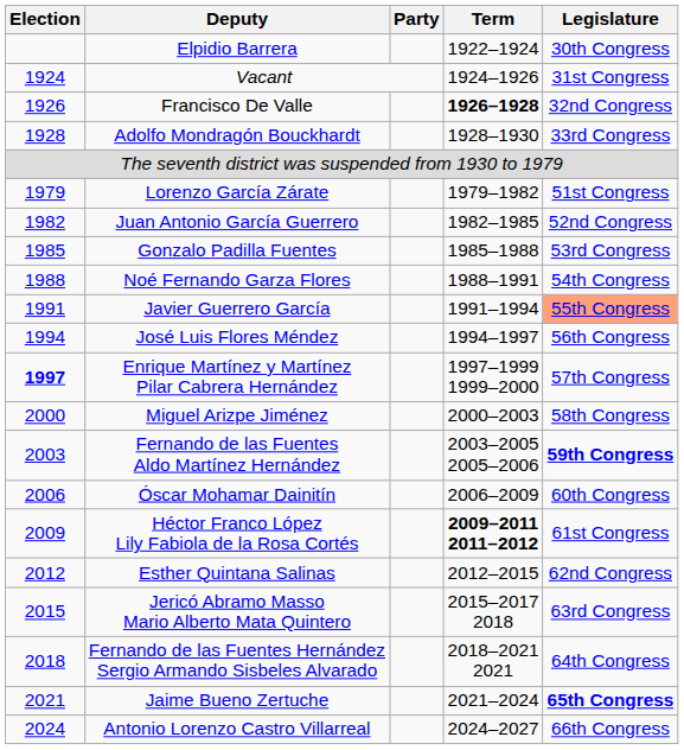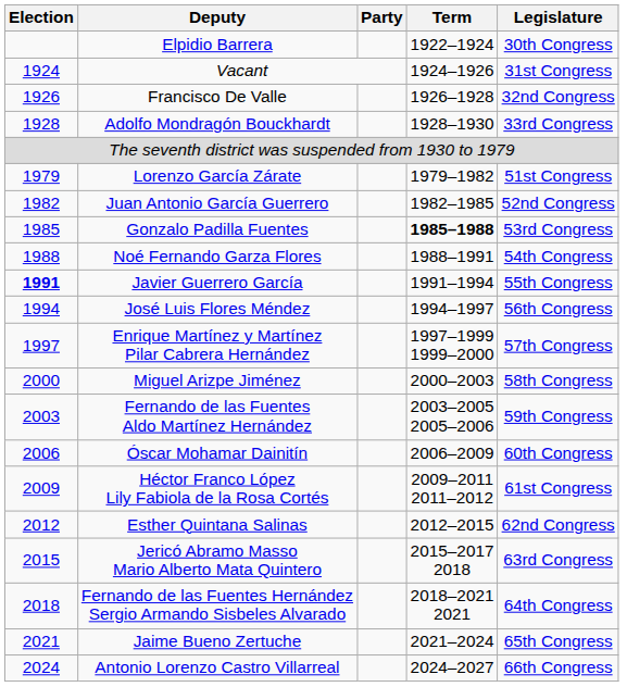 <table class="wikitable sortable" style="text-align: center">
 <tr>
 <th>Election</th>
 <th class="unsortable">Deputy</th>
 <th class="unsortable">Party</th>
 <th class="unsortable">Term</th>
 <th class="unsortable">Legislature</th>
 </tr>
 <tr>
 <td></td>
 <td><a href='#'>Elpidio Barrera</a></td>
 <td></td>
 <td>1922–1924</td>
 <td><a href='#'>30th Congress</a></td>
 </tr>
 <tr>
 <td><a href='#'>1924</a></td>
 <td colspan=2><em>Vacant</em></td>
 <td>1924–1926</td>
 <td><a href='#'>31st Congress</a></td>
 </tr>
 <tr>
 <td><a href='#'>1926</a></td>
 <td>Francisco De Valle</td>
 <td></td>
-<td><strong>1926–1928</strong></td>
+<td>1926–1928</td>
 <td><a href='#'>32nd Congress</a></td>
 </tr>
 <tr>
 <td><a href='#'>1928</a></td>
 <td><a href='#'>Adolfo Mondragón Bouckhardt</a></td>
 <td></td>
 <td>1928–1930</td>
 <td><a href='#'>33rd Congress</a></td>
 </tr>
 <tr align=center style="background:Gainsboro;">
 <td colspan=5><em>The seventh district was suspended from 1930 to 1979</em></td>
 </tr>
 <tr>
 <td><a href='#'>1979</a></td>
 <td><a href='#'>Lorenzo García Zárate</a></td>
 <td></td>
 <td>1979–1982</td>
 <td><a href='#'>51st Congress</a></td>
 </tr>
 <tr>
 <td><a href='#'>1982</a></td>
 <td><a href='#'>Juan Antonio García Guerrero</a></td>
 <td></td>
 <td>1982–1985</td>
 <td><a href='#'>52nd Congress</a></td>
 </tr>
 <tr>
 <td><a href='#'>1985</a></td>
 <td><a href='#'>Gonzalo Padilla Fuentes</a></td>
 <td></td>
-<td>1985–1988</td>
+<td><strong>1985–1988</strong></td>
 <td><a href='#'>53rd Congress</a></td>
 </tr>
 <tr>
 <td><a href='#'>1988</a></td>
 <td><a href='#'>Noé Fernando Garza Flores</a></td>
 <td></td>
 <td>1988–1991</td>
 <td><a href='#'>54th Congress</a></td>
 </tr>
 <tr>
-<td><a href='#'>1991</a></td>
+<td><strong><a href='#'>1991</a></strong></td>
 <td><a href='#'>Javier Guerrero García</a></td>
 <td></td>
 <td>1991–1994</td>
-<td style="background: lightsalmon;"><a href='#'>55th Congress</a></td>
+<td><a href='#'>55th Congress</a></td>
 </tr>
 <tr>
 <td><a href='#'>1994</a></td>
 <td><a href='#'>José Luis Flores Méndez</a></td>
 <td></td>
 <td>1994–1997</td>
 <td><a href='#'>56th Congress</a></td>
 </tr>
 <tr>
-<td><strong><a href='#'>1997</a></strong></td>
+<td><a href='#'>1997</a></td>
 <td><a href='#'>Enrique Martínez y Martínez</a><br><a href='#'>Pilar Cabrera Hernández</a></td>
 <td></td>
 <td>1997–1999<br>1999–2000</td>
 <td><a href='#'>57th Congress</a></td>
 </tr>
 <tr>
 <td><a href='#'>2000</a></td>
 <td><a href='#'>Miguel Arizpe Jiménez</a></td>
 <td></td>
 <td>2000–2003</td>
 <td><a href='#'>58th Congress</a></td>
 </tr>
 <tr>
 <td><a href='#'>2003</a></td>
 <td><a href='#'>Fernando de las Fuentes</a><br><a href='#'>Aldo Martínez Hernández</a></td>
 <td></td>
 <td>2003–2005<br>2005–2006</td>
-<td><strong><a href='#'>59th Congress</a></strong></td>
+<td><a href='#'>59th Congress</a></td>
 </tr>
 <tr>
 <td><a href='#'>2006</a></td>
 <td><a href='#'>Óscar Mohamar Dainitín</a></td>
 <td></td>
 <td>2006–2009</td>
 <td><a href='#'>60th Congress</a></td>
 </tr>
 <tr>
 <td><a href='#'>2009</a></td>
 <td><a href='#'>Héctor Franco López</a><br><a href='#'>Lily Fabiola de la Rosa Cortés</a></td>
 <td></td>
-<td><strong>2009–2011<br>2011–2012</strong></td>
+<td>2009–2011<br>2011–2012</td>
 <td><a href='#'>61st Congress</a></td>
 </tr>
 <tr>
 <td><a href='#'>2012</a></td>
 <td><a href='#'>Esther Quintana Salinas</a></td>
 <td></td>
 <td>2012–2015</td>
 <td><a href='#'>62nd Congress</a></td>
 </tr>
 <tr>
 <td><a href='#'>2015</a></td>
 <td><a href='#'>Jericó Abramo Masso</a><br><a href='#'>Mario Alberto Mata Quintero</a></td>
 <td></td>
 <td>2015–2017<br>2018</td>
 <td><a href='#'>63rd Congress</a></td>
 </tr>
 <tr>
 <td><a href='#'>2018</a></td>
 <td><a href='#'>Fernando de las Fuentes Hernández</a><br><a href='#'>Sergio Armando Sisbeles Alvarado</a></td>
 <td></td>
 <td>2018–2021<br>2021</td>
 <td><a href='#'>64th Congress</a></td>
 </tr>
 <tr>
 <td><a href='#'>2021</a></td>
 <td><a href='#'>Jaime Bueno Zertuche</a></td>
 <td></td>
 <td>2021–2024</td>
-<td><strong><a href='#'>65th Congress</a></strong></td>
+<td><a href='#'>65th Congress</a></td>
 </tr>
 <tr>
 <td><a href='#'>2024</a></td>
 <td><a href='#'>Antonio Lorenzo Castro Villarreal</a></td>
 <td></td>
 <td>2024–2027</td>
 <td><a href='#'>66th Congress</a></td>
 </tr>
 </table>
